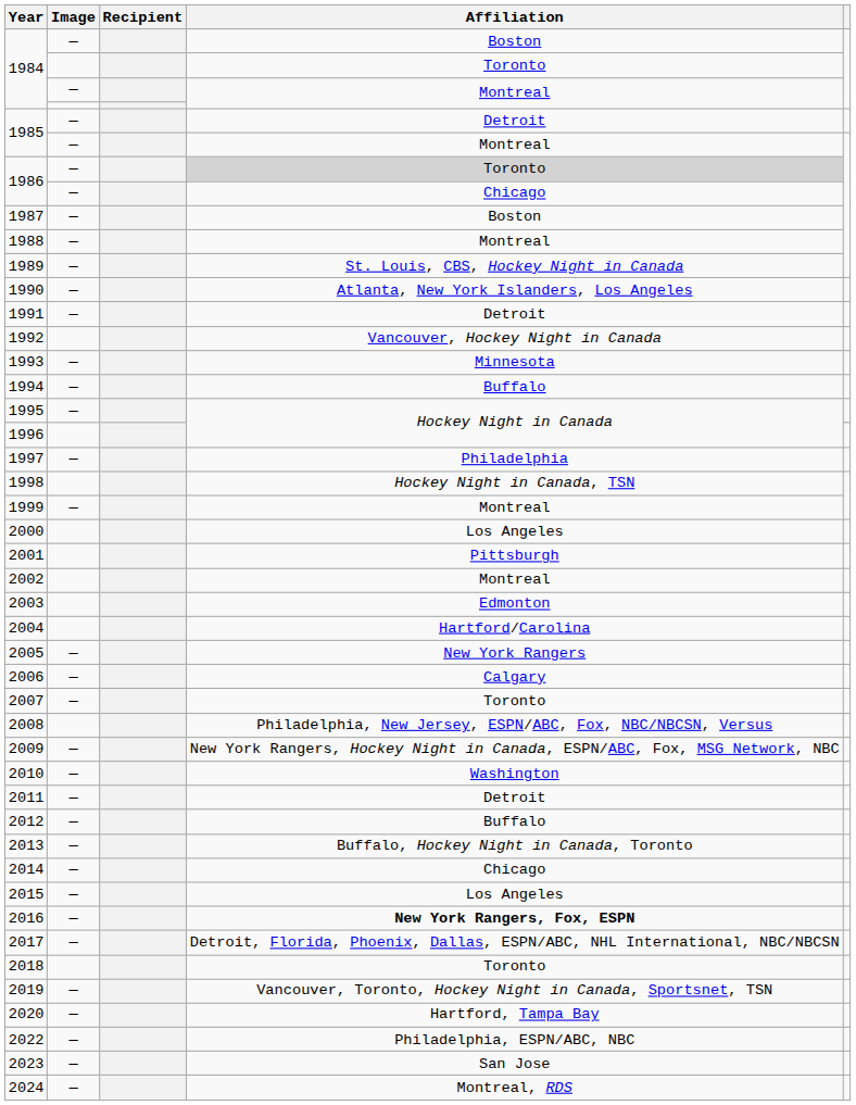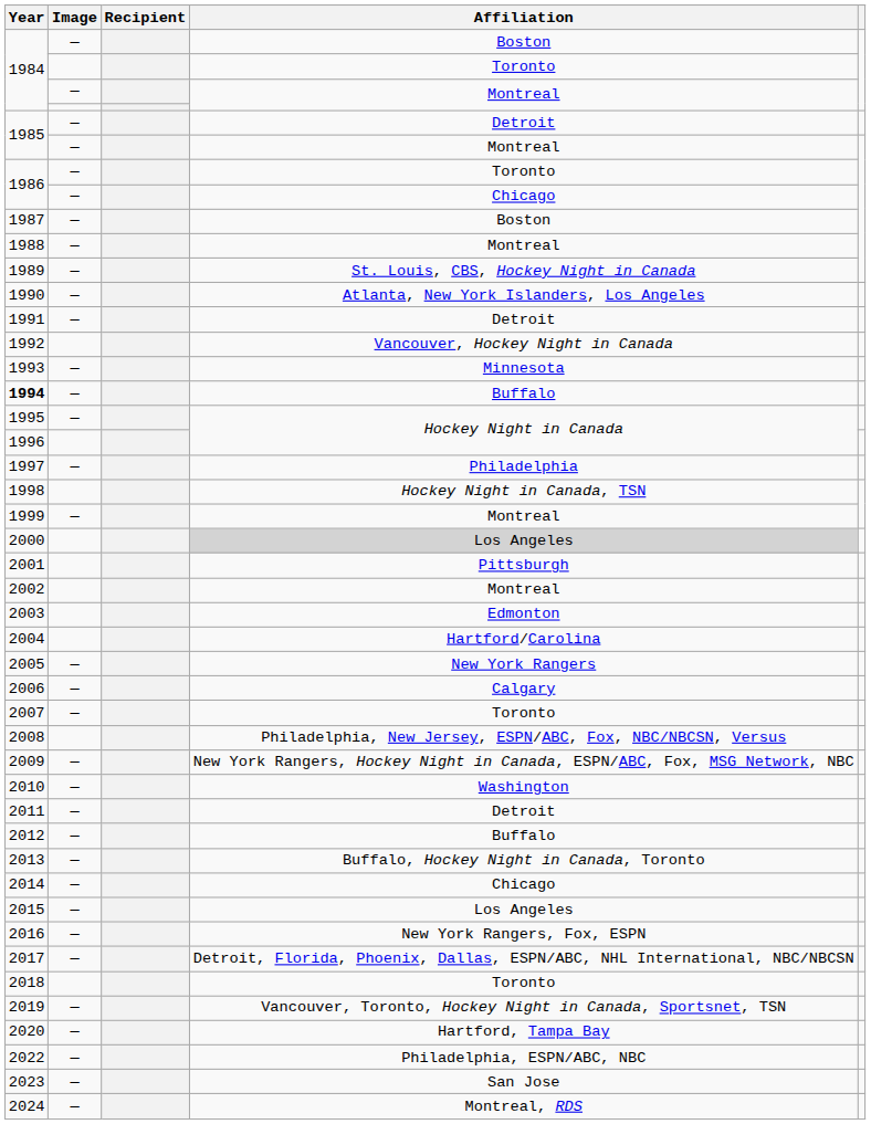 <table class="sortable wikitable plainrowheaders" style="text-align:center;">
 <tr>
 <th scope="col">Year</th>
 <th scope="col" class="unsortable">Image</th>
 <th scope="col">Recipient</th>
 <th scope="col">Affiliation</th>
 <th scope="col" class="unsortable"></th>
 </tr>
 <tr>
 <td rowspan="4">1984</td>
 <td>—</td>
 <th scope="row"></th>
 <td><a href='#'>Boston</a></td>
 <td rowspan="4"></td>
 </tr>
 <tr>
 <td></td>
 <th scope="row"></th>
 <td><a href='#'>Toronto</a></td>
 </tr>
 <tr>
 <td>—</td>
 <th scope="row"></th>
 <td rowspan="2"><a href='#'>Montreal</a></td>
 </tr>
 <tr>
 <td></td>
 <th scope="row"></th>
 </tr>
 <tr>
 <td rowspan="2">1985</td>
 <td>—</td>
 <th scope="row"></th>
 <td><a href='#'>Detroit</a></td>
 <td></td>
 </tr>
 <tr>
 <td>—</td>
 <th scope="row"></th>
 <td>Montreal</td>
 <td rowspan="6"></td>
 </tr>
 <tr>
 <td rowspan="2">1986</td>
 <td>—</td>
 <th scope="row"></th>
-<td style="background: lightgrey;">Toronto</td>
+<td>Toronto</td>
 </tr>
 <tr>
 <td>—</td>
 <th scope="row"></th>
 <td><a href='#'>Chicago</a></td>
 </tr>
 <tr>
 <td>1987</td>
 <td>—</td>
 <th scope="row"></th>
 <td>Boston</td>
 </tr>
 <tr>
 <td>1988</td>
 <td>—</td>
 <th scope="row"></th>
 <td>Montreal</td>
 </tr>
 <tr>
 <td>1989</td>
 <td>—</td>
 <th scope="row"></th>
 <td><a href='#'>St. Louis</a>, <a href='#'>CBS</a>, <em><a href='#'>Hockey Night in Canada</a></em></td>
 </tr>
 <tr>
 <td>1990</td>
 <td>—</td>
 <th scope="row"></th>
 <td><a href='#'>Atlanta</a>, <a href='#'>New York Islanders</a>, <a href='#'>Los Angeles</a></td>
 <td></td>
 </tr>
 <tr>
 <td>1991</td>
 <td>—</td>
 <th scope="row"></th>
 <td>Detroit</td>
 <td></td>
 </tr>
 <tr>
 <td>1992</td>
 <td></td>
 <th scope="row"></th>
 <td><a href='#'>Vancouver</a>, <em>Hockey Night in Canada</em></td>
 <td></td>
 </tr>
 <tr>
 <td>1993</td>
 <td>—</td>
 <th scope="row"></th>
 <td><a href='#'>Minnesota</a></td>
 <td></td>
 </tr>
 <tr>
-<td>1994</td>
+<td><strong>1994</strong></td>
 <td>—</td>
 <th scope="row"></th>
 <td><a href='#'>Buffalo</a></td>
 <td></td>
 </tr>
 <tr>
 <td>1995</td>
 <td>—</td>
 <th scope="row"></th>
 <td rowspan="2"><em>Hockey Night in Canada</em></td>
 <td></td>
 </tr>
 <tr>
 <td>1996</td>
 <td></td>
 <th scope="row"></th>
 <td></td>
 </tr>
 <tr>
 <td>1997</td>
 <td>—</td>
 <th scope="row"></th>
 <td><a href='#'>Philadelphia</a></td>
 <td></td>
 </tr>
 <tr>
 <td>1998</td>
 <td></td>
 <th scope="row"></th>
 <td><em>Hockey Night in Canada</em>, <a href='#'>TSN</a></td>
 <td rowspan="2"></td>
 </tr>
 <tr>
 <td>1999</td>
 <td>—</td>
 <th scope="row"></th>
 <td>Montreal</td>
 </tr>
 <tr>
 <td>2000</td>
 <td></td>
 <th scope="row"></th>
-<td>Los Angeles</td>
+<td style="background: lightgrey;">Los Angeles</td>
 <td></td>
 </tr>
 <tr>
 <td>2001</td>
 <td></td>
 <th scope="row"></th>
 <td><a href='#'>Pittsburgh</a></td>
 <td></td>
 </tr>
 <tr>
 <td>2002</td>
 <td></td>
 <th scope="row"></th>
 <td>Montreal</td>
 <td></td>
 </tr>
 <tr>
 <td>2003</td>
 <td></td>
 <th scope="row"></th>
 <td><a href='#'>Edmonton</a></td>
 <td></td>
 </tr>
 <tr>
 <td>2004</td>
 <td></td>
 <th scope="row"></th>
 <td><a href='#'>Hartford</a>/<a href='#'>Carolina</a></td>
 <td></td>
 </tr>
 <tr>
 <td>2005</td>
 <td>—</td>
 <th scope="row"></th>
 <td><a href='#'>New York Rangers</a></td>
 <td></td>
 </tr>
 <tr>
 <td>2006</td>
 <td>—</td>
 <th scope="row"></th>
 <td><a href='#'>Calgary</a></td>
 <td></td>
 </tr>
 <tr>
 <td>2007</td>
 <td>—</td>
 <th scope="row"></th>
 <td>Toronto</td>
 <td></td>
 </tr>
 <tr>
 <td>2008</td>
 <td></td>
 <th scope="row"></th>
 <td>Philadelphia, <a href='#'>New Jersey</a>, <a href='#'>ESPN</a>/<a href='#'>ABC</a>, <a href='#'>Fox</a>, <a href='#'>NBC/NBCSN</a>, <a href='#'>Versus</a></td>
 <td></td>
 </tr>
 <tr>
 <td>2009</td>
 <td>—</td>
 <th scope="row"></th>
 <td>New York Rangers, <em>Hockey Night in Canada</em>, ESPN/<a href='#'>ABC</a>, Fox, <a href='#'>MSG Network</a>, NBC</td>
 <td></td>
 </tr>
 <tr>
 <td>2010</td>
 <td>—</td>
 <th scope="row"></th>
 <td><a href='#'>Washington</a></td>
 <td></td>
 </tr>
 <tr>
 <td>2011</td>
 <td>—</td>
 <th scope="row"></th>
 <td>Detroit</td>
 <td></td>
 </tr>
 <tr>
 <td>2012</td>
 <td>—</td>
 <th scope="row"></th>
 <td>Buffalo</td>
 <td></td>
 </tr>
 <tr>
 <td>2013</td>
 <td>—</td>
 <th scope="row"></th>
 <td>Buffalo, <em>Hockey Night in Canada</em>, Toronto</td>
 <td></td>
 </tr>
 <tr>
 <td>2014</td>
 <td>—</td>
 <th scope="row"></th>
 <td>Chicago</td>
 <td></td>
 </tr>
 <tr>
 <td>2015</td>
 <td>—</td>
 <th scope="row"></th>
 <td>Los Angeles</td>
 <td></td>
 </tr>
 <tr>
 <td>2016</td>
 <td>—</td>
 <th scope="row"></th>
-<td><strong>New York Rangers, Fox, ESPN</strong></td>
+<td>New York Rangers, Fox, ESPN</td>
 <td></td>
 </tr>
 <tr>
 <td>2017</td>
 <td>—</td>
 <th scope="row"></th>
 <td>Detroit, <a href='#'>Florida</a>, <a href='#'>Phoenix</a>, <a href='#'>Dallas</a>, ESPN/ABC, NHL International, NBC/NBCSN</td>
 <td></td>
 </tr>
 <tr>
 <td>2018</td>
 <td></td>
 <th scope="row"></th>
 <td>Toronto</td>
 <td></td>
 </tr>
 <tr>
 <td>2019</td>
 <td>—</td>
 <th scope="row"></th>
 <td>Vancouver, Toronto, <em>Hockey Night in Canada</em>, <a href='#'>Sportsnet</a>, TSN</td>
 <td></td>
 </tr>
 <tr>
 <td>2020</td>
 <td>—</td>
 <th scope="row"></th>
 <td>Hartford, <a href='#'>Tampa Bay</a></td>
 <td></td>
 </tr>
 <tr>
 <td>2022</td>
 <td>—</td>
 <th scope="row"></th>
 <td>Philadelphia, ESPN/ABC, NBC</td>
 <td></td>
 </tr>
 <tr>
 <td>2023</td>
 <td>—</td>
 <th scope="row"></th>
 <td>San Jose</td>
 <td></td>
 </tr>
 <tr>
 <td>2024</td>
 <td>—</td>
 <th scope="row"></th>
 <td>Montreal, <em><a href='#'>RDS</a></em></td>
 <td></td>
 </tr>
 </table>
